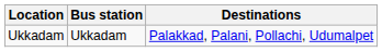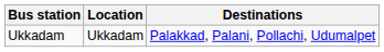 <table class="wikitable sortable" style="font-size: 85%">
 <tr>
+<th>Bus station</th>
 <th>Location</th>
-<th>Bus station</th>
 <th>Destinations</th>
 </tr>
 <tr>
 <td>Ukkadam</td>
 <td>Ukkadam</td>
 <td><a href='#'>Palakkad</a>, <a href='#'>Palani</a>, <a href='#'>Pollachi</a>, <a href='#'>Udumalpet</a></td>
 </tr>
 </table>
